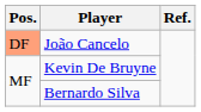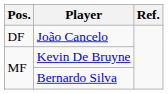 <table class="wikitable">
 <tr>
 <th>Pos.</th>
 <th>Player</th>
 <th>Ref.</th>
 </tr>
 <tr>
-<td style="background: lightsalmon;">DF</td>
+<td>DF</td>
 <td> <a href='#'>João Cancelo</a></td>
 <td rowspan="3"></td>
 </tr>
 <tr>
 <td rowspan="2">MF</td>
 <td> <a href='#'>Kevin De Bruyne</a></td>
 </tr>
 <tr>
 <td> <a href='#'>Bernardo Silva</a></td>
 </tr>
 </table>
